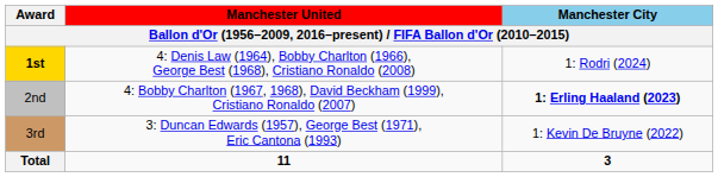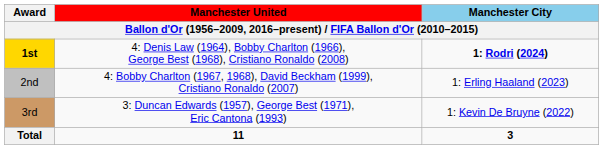 <table class="wikitable" style="font-size:99%; width: 99%; text-align: center;">
 <tr>
 <th>Award</th>
 <th style="color:black; background:#FF0000;">Manchester United</th>
 <th style="color:black; background:#87CEEB;">Manchester City</th>
 </tr>
 <tr>
 <th scope="row" style="text-align:center" colspan=3><a href='#'>Ballon d'Or</a> (1956–2009, 2016–present) / <a href='#'>FIFA Ballon d'Or</a> (2010–2015)</th>
 </tr>
 <tr>
 <td scope=col style="background-color:gold"><strong>1st</strong></td>
 <td align=center>4: <a href='#'>Denis Law</a> (<a href='#'>1964</a>), <a href='#'>Bobby Charlton</a> (<a href='#'>1966</a>),<br><a href='#'>George Best</a> (<a href='#'>1968</a>), <a href='#'>Cristiano Ronaldo</a> (<a href='#'>2008</a>)</td>
-<td align=center>1: <a href='#'>Rodri</a> (<a href='#'>2024</a>)</td>
+<td align=center><strong>1: <a href='#'>Rodri</a> (<a href='#'>2024</a>)</strong></td>
 </tr>
 <tr>
 <td scope=col style="background-color:silver">2nd</td>
 <td align=center>4: <a href='#'>Bobby Charlton</a> (<a href='#'>1967</a>, <a href='#'>1968</a>), <a href='#'>David Beckham</a> (<a href='#'>1999</a>),<br><a href='#'>Cristiano Ronaldo</a> (<a href='#'>2007</a>)</td>
-<td align=center><strong>1: <a href='#'>Erling Haaland</a> (<a href='#'>2023</a>)</strong></td>
+<td align=center>1: <a href='#'>Erling Haaland</a> (<a href='#'>2023</a>)</td>
 </tr>
 <tr>
 <td scope=col style="background-color:#cc9966">3rd</td>
 <td align=center>3: <a href='#'>Duncan Edwards</a> (<a href='#'>1957</a>), <a href='#'>George Best</a> (<a href='#'>1971</a>),<br><a href='#'>Eric Cantona</a> (<a href='#'>1993</a>)</td>
 <td align=center>1: <a href='#'>Kevin De Bruyne</a> (<a href='#'>2022</a>)</td>
 </tr>
 <tr>
 <th align=center>Total</th>
 <td align=center><strong>11</strong></td>
 <td align=center><strong>3</strong></td>
 </tr>
 </table>
